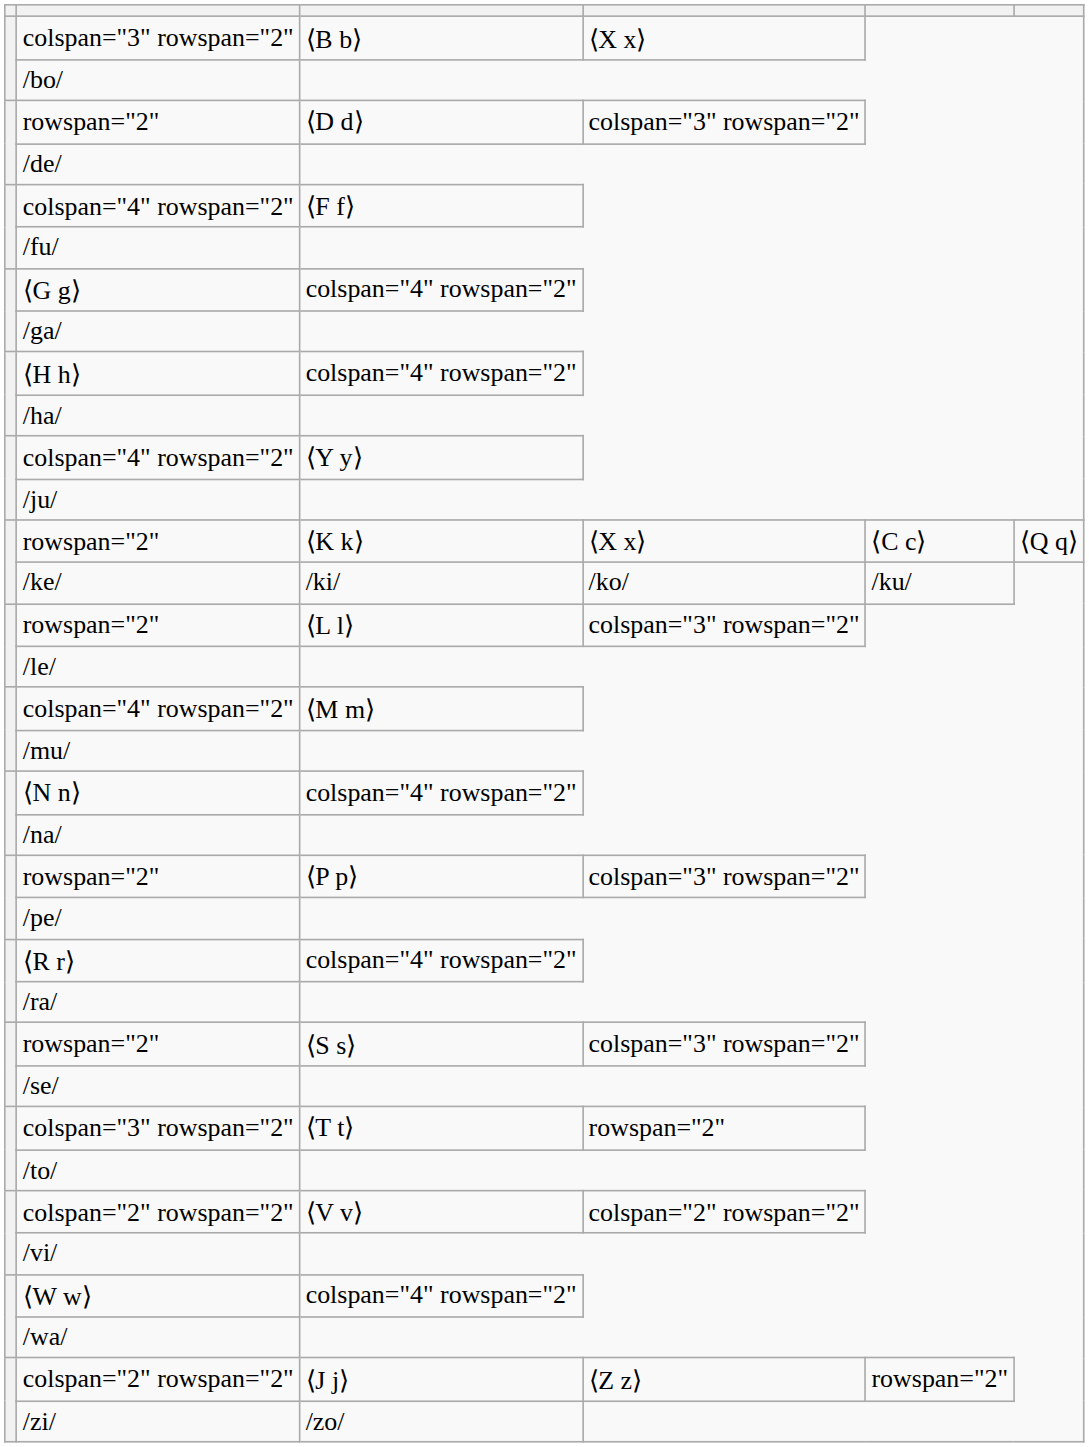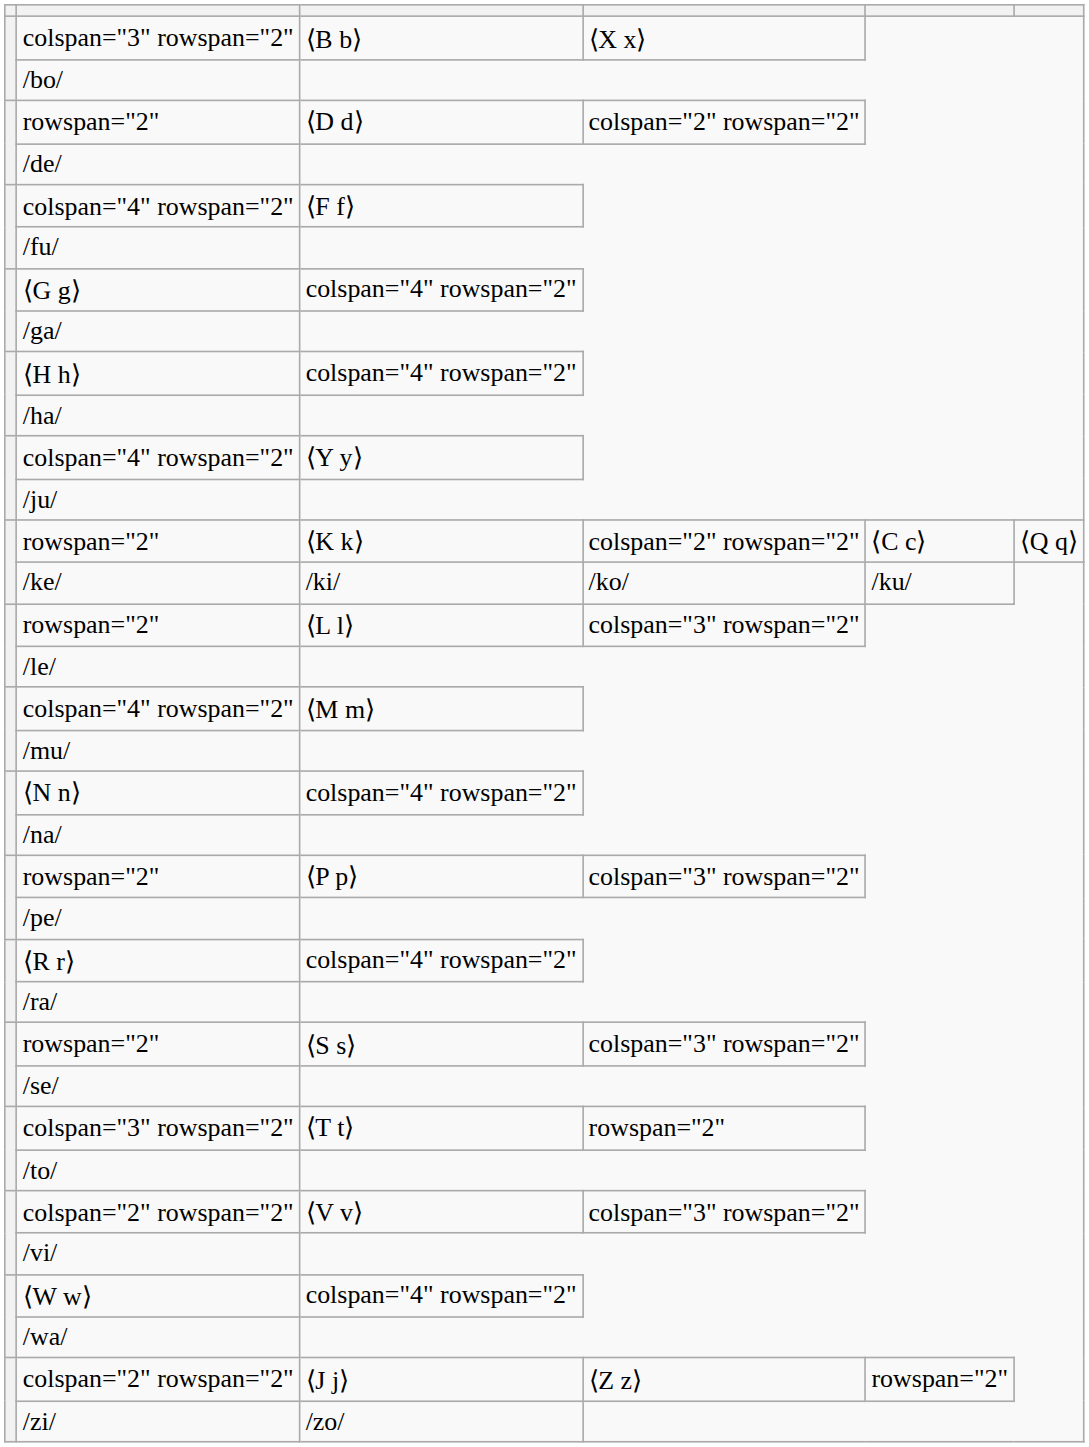 <table class="wikitable">
 <tr>
 <th></th>
 <th></th>
 <th></th>
 <th></th>
 <th></th>
 <th></th>
 </tr>
 <tr>
 <th rowspan="2"></th>
 <td>colspan="3" rowspan="2" </td>
 <td>⟨B b⟩</td>
 <td>⟨X x⟩</td>
 </tr>
 <tr>
 <td>/bo/</td>
 </tr>
 <tr>
 <th rowspan="2"></th>
 <td>rowspan="2" </td>
 <td>⟨D d⟩</td>
-<td>colspan="3" rowspan="2" </td>
+<td>colspan="2" rowspan="2" </td>
 </tr>
 <tr>
 <td>/de/</td>
 </tr>
 <tr>
 <th rowspan="2"></th>
 <td>colspan="4" rowspan="2" </td>
 <td>⟨F f⟩</td>
 </tr>
 <tr>
 <td>/fu/</td>
 </tr>
 <tr>
 <th rowspan="2"></th>
 <td>⟨G g⟩</td>
 <td>colspan="4" rowspan="2" </td>
 </tr>
 <tr>
 <td>/ga/</td>
 </tr>
 <tr>
 <th rowspan="2"></th>
 <td>⟨H h⟩</td>
 <td>colspan="4" rowspan="2" </td>
 </tr>
 <tr>
 <td>/ha/</td>
 </tr>
 <tr>
 <th rowspan="2"></th>
 <td>colspan="4" rowspan="2" </td>
 <td>⟨Y y⟩</td>
 </tr>
 <tr>
 <td>/ju/</td>
 </tr>
 <tr>
 <th rowspan="2"></th>
 <td>rowspan="2" </td>
 <td>⟨K k⟩</td>
-<td>⟨X x⟩</td>
+<td>colspan="2" rowspan="2" </td>
 <td>⟨C c⟩</td>
 <td>⟨Q q⟩</td>
 </tr>
 <tr>
 <td>/ke/</td>
 <td>/ki/</td>
 <td>/ko/</td>
 <td>/ku/</td>
 </tr>
 <tr>
 <th rowspan="2"></th>
 <td>rowspan="2" </td>
 <td>⟨L l⟩</td>
 <td>colspan="3" rowspan="2" </td>
 </tr>
 <tr>
 <td>/le/</td>
 </tr>
 <tr>
 <th rowspan="2"></th>
 <td>colspan="4" rowspan="2" </td>
 <td>⟨M m⟩</td>
 </tr>
 <tr>
 <td>/mu/</td>
 </tr>
 <tr>
 <th rowspan="2"></th>
 <td>⟨N n⟩</td>
 <td>colspan="4" rowspan="2" </td>
 </tr>
 <tr>
 <td>/na/</td>
 </tr>
 <tr>
 <th rowspan="2"></th>
 <td>rowspan="2" </td>
 <td>⟨P p⟩</td>
 <td>colspan="3" rowspan="2" </td>
 </tr>
 <tr>
 <td>/pe/</td>
 </tr>
 <tr>
 <th rowspan="2"></th>
 <td>⟨R r⟩</td>
 <td>colspan="4" rowspan="2" </td>
 </tr>
 <tr>
 <td>/ra/</td>
 </tr>
 <tr>
 <th rowspan="2"></th>
 <td>rowspan="2" </td>
 <td>⟨S s⟩</td>
 <td>colspan="3" rowspan="2" </td>
 </tr>
 <tr>
 <td>/se/</td>
 </tr>
 <tr>
 <th rowspan="2"></th>
 <td>colspan="3" rowspan="2" </td>
 <td>⟨T t⟩</td>
 <td>rowspan="2" </td>
 </tr>
 <tr>
 <td>/to/</td>
 </tr>
 <tr>
 <th rowspan="2"></th>
 <td>colspan="2" rowspan="2" </td>
 <td>⟨V v⟩</td>
-<td>colspan="2" rowspan="2" </td>
+<td>colspan="3" rowspan="2" </td>
 </tr>
 <tr>
 <td>/vi/</td>
 </tr>
 <tr>
 <th rowspan="2"></th>
 <td>⟨W w⟩</td>
 <td>colspan="4" rowspan="2" </td>
 </tr>
 <tr>
 <td>/wa/</td>
 </tr>
 <tr>
 <th rowspan="2"></th>
 <td>colspan="2" rowspan="2" </td>
 <td>⟨J j⟩</td>
 <td>⟨Z z⟩</td>
 <td>rowspan="2" </td>
 </tr>
 <tr>
 <td>/zi/</td>
 <td>/zo/</td>
 </tr>
 </table>
